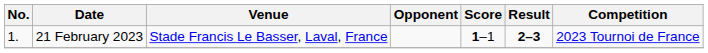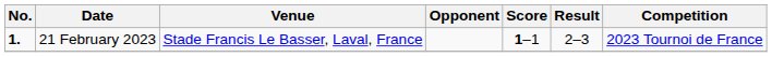 <table class="wikitable">
 <tr>
 <th>No.</th>
 <th>Date</th>
 <th>Venue</th>
 <th>Opponent</th>
 <th>Score</th>
 <th>Result</th>
 <th>Competition</th>
 </tr>
 <tr>
-<td>1.</td>
+<td><strong>1.</strong></td>
 <td>21 February 2023</td>
 <td><a href='#'>Stade Francis Le Basser</a>, <a href='#'>Laval</a>, <a href='#'>France</a></td>
 <td></td>
 <td align=center><strong>1</strong>–1</td>
-<td align=center><strong>2–3</strong></td>
+<td align=center>2–3</td>
 <td><a href='#'>2023 Tournoi de France</a></td>
 </tr>
 <tr>
 </tr>
 </table>
